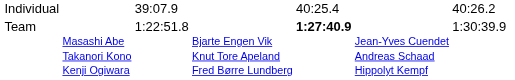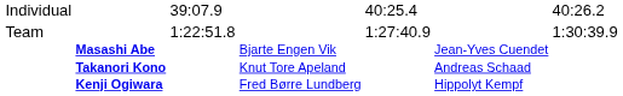 <table>
 <tr valign="top">
 <td>Individual <br></td>
 <td></td>
 <td>39:07.9</td>
 <td></td>
 <td>40:25.4</td>
 <td></td>
 <td>40:26.2</td>
 </tr>
 <tr valign="top">
 <td>Team <br></td>
-<td> <small><br><a href='#'>Masashi Abe</a><br><a href='#'>Takanori Kono</a><br><a href='#'>Kenji Ogiwara</a></small></td>
+<td><strong> <small><br><a href='#'>Masashi Abe</a><br><a href='#'>Takanori Kono</a><br><a href='#'>Kenji Ogiwara</a></small></strong></td>
 <td>1:22:51.8</td>
 <td> <small><br><a href='#'>Bjarte Engen Vik</a><br><a href='#'>Knut Tore Apeland</a><br><a href='#'>Fred Børre Lundberg</a></small></td>
-<td><strong>1:27:40.9</strong></td>
+<td>1:27:40.9</td>
 <td> <small><br><a href='#'>Jean-Yves Cuendet</a><br><a href='#'>Andreas Schaad</a><br><a href='#'>Hippolyt Kempf</a></small></td>
 <td>1:30:39.9</td>
 </tr>
 </table>
